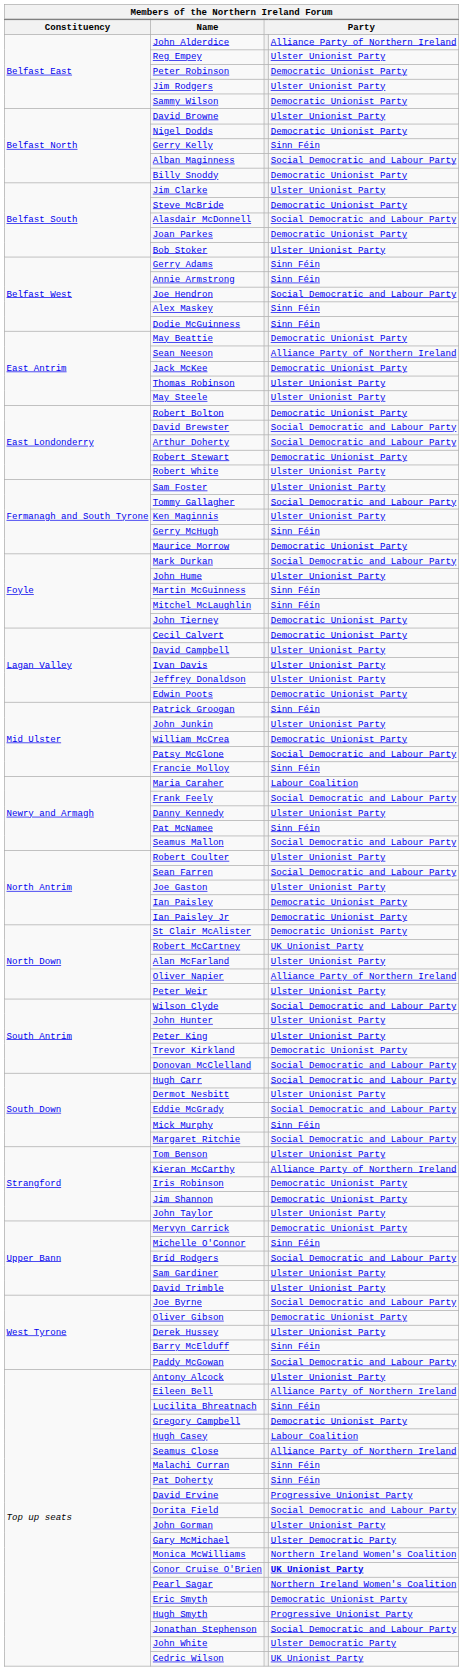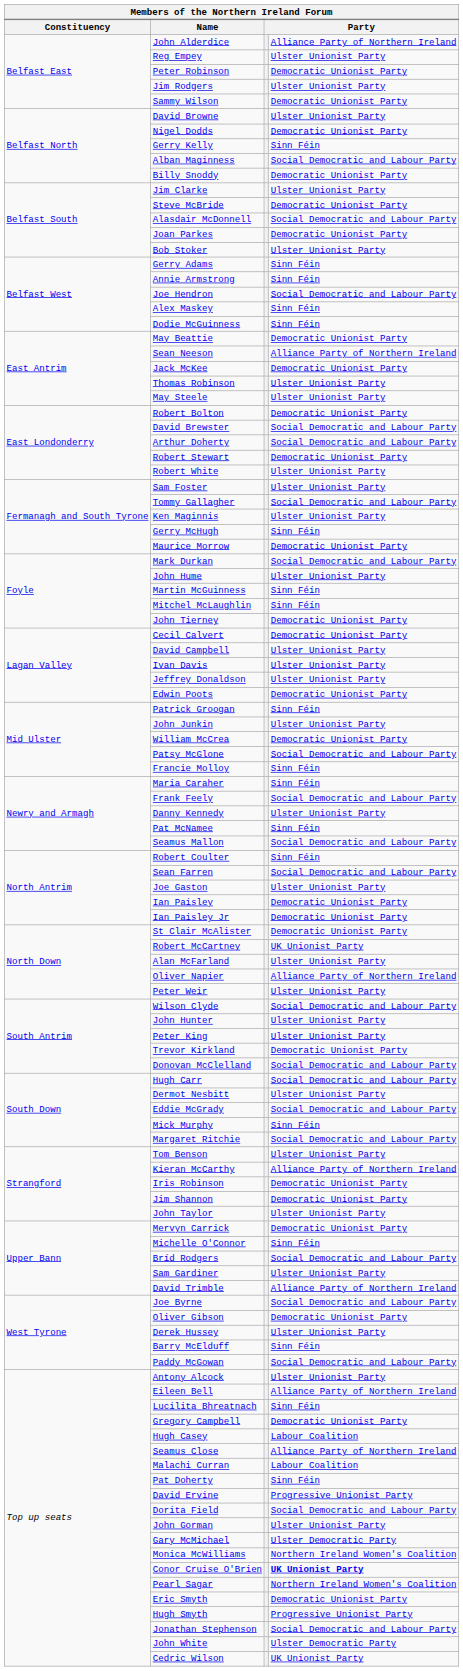 <table class="wikitable">
 <tr style="border-bottom: 2px solid gray;">
 <th colspan=4>Members of the Northern Ireland Forum</th>
 </tr>
 <tr>
 <th align=center>Constituency</th>
 <th align=center>Name</th>
 <th style="text-align:center;" colspan="2">Party</th>
 </tr>
 <tr>
 <td rowspan="5"><a href='#'>Belfast East</a></td>
 <td><a href='#'>John Alderdice</a></td>
 <th style="background-color: "></th>
 <td><a href='#'>Alliance Party of Northern Ireland</a></td>
 </tr>
 <tr>
 <td><a href='#'>Reg Empey</a></td>
 <th style="background-color: "></th>
 <td><a href='#'>Ulster Unionist Party</a></td>
 </tr>
 <tr>
 <td><a href='#'>Peter Robinson</a></td>
 <th style="background-color: "></th>
 <td><a href='#'>Democratic Unionist Party</a></td>
 </tr>
 <tr>
 <td><a href='#'>Jim Rodgers</a></td>
 <th style="background-color: "></th>
 <td><a href='#'>Ulster Unionist Party</a></td>
 </tr>
 <tr>
 <td><a href='#'>Sammy Wilson</a></td>
 <th style="background-color: "></th>
 <td><a href='#'>Democratic Unionist Party</a></td>
 </tr>
 <tr>
 <td rowspan="5"><a href='#'>Belfast North</a></td>
 <td><a href='#'>David Browne</a></td>
 <th style="background-color: "></th>
 <td><a href='#'>Ulster Unionist Party</a></td>
 </tr>
 <tr>
 <td><a href='#'>Nigel Dodds</a></td>
 <th style="background-color: "></th>
 <td><a href='#'>Democratic Unionist Party</a></td>
 </tr>
 <tr>
 <td><a href='#'>Gerry Kelly</a></td>
 <th style="background-color: "></th>
 <td><a href='#'>Sinn Féin</a></td>
 </tr>
 <tr>
 <td><a href='#'>Alban Maginness</a></td>
 <th style="background-color: "></th>
 <td><a href='#'>Social Democratic and Labour Party</a></td>
 </tr>
 <tr>
 <td><a href='#'>Billy Snoddy</a></td>
 <th style="background-color: "></th>
 <td><a href='#'>Democratic Unionist Party</a></td>
 </tr>
 <tr>
 <td rowspan="5"><a href='#'>Belfast South</a></td>
 <td><a href='#'>Jim Clarke</a></td>
 <th style="background-color: "></th>
 <td><a href='#'>Ulster Unionist Party</a></td>
 </tr>
 <tr>
 <td><a href='#'>Steve McBride</a></td>
 <th style="background-color: "></th>
 <td><a href='#'>Democratic Unionist Party</a></td>
 </tr>
 <tr>
 <td><a href='#'>Alasdair McDonnell</a></td>
 <th style="background-color: "></th>
 <td><a href='#'>Social Democratic and Labour Party</a></td>
 </tr>
 <tr>
 <td><a href='#'>Joan Parkes</a></td>
 <th style="background-color: "></th>
 <td><a href='#'>Democratic Unionist Party</a></td>
 </tr>
 <tr>
 <td><a href='#'>Bob Stoker</a></td>
 <th style="background-color: "></th>
 <td><a href='#'>Ulster Unionist Party</a></td>
 </tr>
 <tr>
 <td rowspan="5"><a href='#'>Belfast West</a></td>
 <td><a href='#'>Gerry Adams</a></td>
 <th style="background-color: "></th>
 <td><a href='#'>Sinn Féin</a></td>
 </tr>
 <tr>
 <td><a href='#'>Annie Armstrong</a></td>
 <th style="background-color: "></th>
 <td><a href='#'>Sinn Féin</a></td>
 </tr>
 <tr>
 <td><a href='#'>Joe Hendron</a></td>
 <th style="background-color: "></th>
 <td><a href='#'>Social Democratic and Labour Party</a></td>
 </tr>
 <tr>
 <td><a href='#'>Alex Maskey</a></td>
 <th style="background-color: "></th>
 <td><a href='#'>Sinn Féin</a></td>
 </tr>
 <tr>
 <td><a href='#'>Dodie McGuinness</a></td>
 <th style="background-color: "></th>
 <td><a href='#'>Sinn Féin</a></td>
 </tr>
 <tr>
 <td rowspan="5"><a href='#'>East Antrim</a></td>
 <td><a href='#'>May Beattie</a></td>
 <th style="background-color: "></th>
 <td><a href='#'>Democratic Unionist Party</a></td>
 </tr>
 <tr>
 <td><a href='#'>Sean Neeson</a></td>
 <th style="background-color: "></th>
 <td><a href='#'>Alliance Party of Northern Ireland</a></td>
 </tr>
 <tr>
 <td><a href='#'>Jack McKee</a></td>
 <th style="background-color: "></th>
 <td><a href='#'>Democratic Unionist Party</a></td>
 </tr>
 <tr>
 <td><a href='#'>Thomas Robinson</a></td>
 <th style="background-color: "></th>
 <td><a href='#'>Ulster Unionist Party</a></td>
 </tr>
 <tr>
 <td><a href='#'>May Steele</a></td>
 <th style="background-color: "></th>
 <td><a href='#'>Ulster Unionist Party</a></td>
 </tr>
 <tr>
 <td rowspan="5"><a href='#'>East Londonderry</a></td>
 <td><a href='#'>Robert Bolton</a></td>
 <th style="background-color: "></th>
 <td><a href='#'>Democratic Unionist Party</a></td>
 </tr>
 <tr>
 <td><a href='#'>David Brewster</a></td>
 <th style="background-color: "></th>
 <td><a href='#'>Social Democratic and Labour Party</a></td>
 </tr>
 <tr>
 <td><a href='#'>Arthur Doherty</a></td>
 <th style="background-color: "></th>
 <td><a href='#'>Social Democratic and Labour Party</a></td>
 </tr>
 <tr>
 <td><a href='#'>Robert Stewart</a></td>
 <th style="background-color: "></th>
 <td><a href='#'>Democratic Unionist Party</a></td>
 </tr>
 <tr>
 <td><a href='#'>Robert White</a></td>
 <th style="background-color: "></th>
 <td><a href='#'>Ulster Unionist Party</a></td>
 </tr>
 <tr>
 <td rowspan="5"><a href='#'>Fermanagh and South Tyrone</a></td>
 <td><a href='#'>Sam Foster</a></td>
 <th style="background-color: "></th>
 <td><a href='#'>Ulster Unionist Party</a></td>
 </tr>
 <tr>
 <td><a href='#'>Tommy Gallagher</a></td>
 <th style="background-color: "></th>
 <td><a href='#'>Social Democratic and Labour Party</a></td>
 </tr>
 <tr>
 <td><a href='#'>Ken Maginnis</a></td>
 <th style="background-color: "></th>
 <td><a href='#'>Ulster Unionist Party</a></td>
 </tr>
 <tr>
 <td><a href='#'>Gerry McHugh</a></td>
 <th style="background-color: "></th>
 <td><a href='#'>Sinn Féin</a></td>
 </tr>
 <tr>
 <td><a href='#'>Maurice Morrow</a></td>
 <th style="background-color: "></th>
 <td><a href='#'>Democratic Unionist Party</a></td>
 </tr>
 <tr>
 <td rowspan="5"><a href='#'>Foyle</a></td>
 <td><a href='#'>Mark Durkan</a></td>
 <th style="background-color: "></th>
 <td><a href='#'>Social Democratic and Labour Party</a></td>
 </tr>
 <tr>
 <td><a href='#'>John Hume</a></td>
 <th style="background-color: "></th>
 <td><a href='#'>Ulster Unionist Party</a></td>
 </tr>
 <tr>
 <td><a href='#'>Martin McGuinness</a></td>
 <th style="background-color: "></th>
 <td><a href='#'>Sinn Féín</a></td>
 </tr>
 <tr>
 <td><a href='#'>Mitchel McLaughlin</a></td>
 <th style="background-color: "></th>
 <td><a href='#'>Sinn Féín</a></td>
 </tr>
 <tr>
 <td><a href='#'>John Tierney</a></td>
 <th style="background-color: "></th>
 <td><a href='#'>Democratic Unionist Party</a></td>
 </tr>
 <tr>
 <td rowspan="5"><a href='#'>Lagan Valley</a></td>
 <td><a href='#'>Cecil Calvert</a></td>
 <th style="background-color: "></th>
 <td><a href='#'>Democratic Unionist Party</a></td>
 </tr>
 <tr>
 <td><a href='#'>David Campbell</a></td>
 <th style="background-color: "></th>
 <td><a href='#'>Ulster Unionist Party</a></td>
 </tr>
 <tr>
 <td><a href='#'>Ivan Davis</a></td>
 <th style="background-color: "></th>
 <td><a href='#'>Ulster Unionist Party</a></td>
 </tr>
 <tr>
 <td><a href='#'>Jeffrey Donaldson</a></td>
 <th style="background-color: "></th>
 <td><a href='#'>Ulster Unionist Party</a></td>
 </tr>
 <tr>
 <td><a href='#'>Edwin Poots</a></td>
 <th style="background-color: "></th>
 <td><a href='#'>Democratic Unionist Party</a></td>
 </tr>
 <tr>
 <td rowspan="5"><a href='#'>Mid Ulster</a></td>
 <td><a href='#'>Patrick Groogan</a></td>
 <th style="background-color: "></th>
 <td><a href='#'>Sinn Féin</a></td>
 </tr>
 <tr>
 <td><a href='#'>John Junkin</a></td>
 <th style="background-color: "></th>
 <td><a href='#'>Ulster Unionist Party</a></td>
 </tr>
 <tr>
 <td><a href='#'>William McCrea</a></td>
 <th style="background-color: "></th>
 <td><a href='#'>Democratic Unionist Party</a></td>
 </tr>
 <tr>
 <td><a href='#'>Patsy McGlone</a></td>
 <th style="background-color: "></th>
 <td><a href='#'>Social Democratic and Labour Party</a></td>
 </tr>
 <tr>
 <td><a href='#'>Francie Molloy</a></td>
 <th style="background-color: "></th>
 <td><a href='#'>Sinn Féin</a></td>
 </tr>
 <tr>
 <td rowspan="5"><a href='#'>Newry and Armagh</a></td>
 <td><a href='#'>Maria Caraher</a></td>
 <th style="background-color: "></th>
-<td><a href='#'>Labour Coalition</a></td>
+<td><a href='#'>Sinn Féin</a></td>
 </tr>
 <tr>
 <td><a href='#'>Frank Feely</a></td>
 <th style="background-color: "></th>
 <td><a href='#'>Social Democratic and Labour Party</a></td>
 </tr>
 <tr>
 <td><a href='#'>Danny Kennedy</a></td>
 <th style="background-color: "></th>
 <td><a href='#'>Ulster Unionist Party</a></td>
 </tr>
 <tr>
 <td><a href='#'>Pat McNamee</a></td>
 <th style="background-color: "></th>
 <td><a href='#'>Sinn Féin</a></td>
 </tr>
 <tr>
 <td><a href='#'>Seamus Mallon</a></td>
 <th style="background-color: "></th>
 <td><a href='#'>Social Democratic and Labour Party</a></td>
 </tr>
 <tr>
 <td rowspan="5"><a href='#'>North Antrim</a></td>
 <td><a href='#'>Robert Coulter</a></td>
 <th style="background-color: "></th>
-<td><a href='#'>Ulster Unionist Party</a></td>
+<td><a href='#'>Sinn Féin</a></td>
 </tr>
 <tr>
 <td><a href='#'>Sean Farren</a></td>
 <th style="background-color: "></th>
 <td><a href='#'>Social Democratic and Labour Party</a></td>
 </tr>
 <tr>
 <td><a href='#'>Joe Gaston</a></td>
 <th style="background-color: "></th>
 <td><a href='#'>Ulster Unionist Party</a></td>
 </tr>
 <tr>
 <td><a href='#'>Ian Paisley</a></td>
 <th style="background-color: "></th>
 <td><a href='#'>Democratic Unionist Party</a></td>
 </tr>
 <tr>
 <td><a href='#'>Ian Paisley Jr</a></td>
 <th style="background-color: "></th>
 <td><a href='#'>Democratic Unionist Party</a></td>
 </tr>
 <tr>
 <td rowspan="5"><a href='#'>North Down</a></td>
 <td><a href='#'>St Clair McAlister</a></td>
 <th style="background-color: "></th>
 <td><a href='#'>Democratic Unionist Party</a></td>
 </tr>
 <tr>
 <td><a href='#'>Robert McCartney</a></td>
 <th style="background-color: "></th>
 <td><a href='#'>UK Unionist Party</a></td>
 </tr>
 <tr>
 <td><a href='#'>Alan McFarland</a></td>
 <th style="background-color: "></th>
 <td><a href='#'>Ulster Unionist Party</a></td>
 </tr>
 <tr>
 <td><a href='#'>Oliver Napier</a></td>
 <th style="background-color: "></th>
 <td><a href='#'>Alliance Party of Northern Ireland</a></td>
 </tr>
 <tr>
 <td><a href='#'>Peter Weir</a></td>
 <th style="background-color: "></th>
 <td><a href='#'>Ulster Unionist Party</a></td>
 </tr>
 <tr>
 <td rowspan="5"><a href='#'>South Antrim</a></td>
 <td><a href='#'>Wilson Clyde</a></td>
 <th style="background-color: "></th>
 <td><a href='#'>Social Democratic and Labour Party</a></td>
 </tr>
 <tr>
 <td><a href='#'>John Hunter</a></td>
 <th style="background-color: "></th>
 <td><a href='#'>Ulster Unionist Party</a></td>
 </tr>
 <tr>
 <td><a href='#'>Peter King</a></td>
 <th style="background-color: "></th>
 <td><a href='#'>Ulster Unionist Party</a></td>
 </tr>
 <tr>
 <td><a href='#'>Trevor Kirkland</a></td>
 <th style="background-color: "></th>
 <td><a href='#'>Democratic Unionist Party</a></td>
 </tr>
 <tr>
 <td><a href='#'>Donovan McClelland</a></td>
 <th style="background-color: "></th>
 <td><a href='#'>Social Democratic and Labour Party</a></td>
 </tr>
 <tr>
 <td rowspan="5"><a href='#'>South Down</a></td>
 <td><a href='#'>Hugh Carr</a></td>
 <th style="background-color: "></th>
 <td><a href='#'>Social Democratic and Labour Party</a></td>
 </tr>
 <tr>
 <td><a href='#'>Dermot Nesbitt</a></td>
 <th style="background-color: "></th>
 <td><a href='#'>Ulster Unionist Party</a></td>
 </tr>
 <tr>
 <td><a href='#'>Eddie McGrady</a></td>
 <th style="background-color: "></th>
 <td><a href='#'>Social Democratic and Labour Party</a></td>
 </tr>
 <tr>
 <td><a href='#'>Mick Murphy</a></td>
 <th style="background-color: "></th>
 <td><a href='#'>Sinn Féin</a></td>
 </tr>
 <tr>
 <td><a href='#'>Margaret Ritchie</a></td>
 <th style="background-color: "></th>
 <td><a href='#'>Social Democratic and Labour Party</a></td>
 </tr>
 <tr>
 <td rowspan="5"><a href='#'>Strangford</a></td>
 <td><a href='#'>Tom Benson</a></td>
 <th style="background-color: "></th>
 <td><a href='#'>Ulster Unionist Party</a></td>
 </tr>
 <tr>
 <td><a href='#'>Kieran McCarthy</a></td>
 <th style="background-color: "></th>
 <td><a href='#'>Alliance Party of Northern Ireland</a></td>
 </tr>
 <tr>
 <td><a href='#'>Iris Robinson</a></td>
 <th style="background-color: "></th>
 <td><a href='#'>Democratic Unionist Party</a></td>
 </tr>
 <tr>
 <td><a href='#'>Jim Shannon</a></td>
 <th style="background-color: "></th>
 <td><a href='#'>Democratic Unionist Party</a></td>
 </tr>
 <tr>
 <td><a href='#'>John Taylor</a></td>
 <th style="background-color: "></th>
 <td><a href='#'>Ulster Unionist Party</a></td>
 </tr>
 <tr>
 <td rowspan="5"><a href='#'>Upper Bann</a></td>
 <td><a href='#'>Mervyn Carrick</a></td>
 <th style="background-color: "></th>
 <td><a href='#'>Democratic Unionist Party</a></td>
 </tr>
 <tr>
 <td><a href='#'>Michelle O'Connor</a></td>
 <th style="background-color: "></th>
 <td><a href='#'>Sinn Féin</a></td>
 </tr>
 <tr>
 <td><a href='#'>Bríd Rodgers</a></td>
 <th style="background-color: "></th>
 <td><a href='#'>Social Democratic and Labour Party</a></td>
 </tr>
 <tr>
 <td><a href='#'>Sam Gardiner</a></td>
 <th style="background-color: "></th>
 <td><a href='#'>Ulster Unionist Party</a></td>
 </tr>
 <tr>
 <td><a href='#'>David Trimble</a></td>
 <th style="background-color: "></th>
-<td><a href='#'>Ulster Unionist Party</a></td>
+<td><a href='#'>Alliance Party of Northern Ireland</a></td>
 </tr>
 <tr>
 <td rowspan="5"><a href='#'>West Tyrone</a></td>
 <td><a href='#'>Joe Byrne</a></td>
 <th style="background-color: "></th>
 <td><a href='#'>Social Democratic and Labour Party</a></td>
 </tr>
 <tr>
 <td><a href='#'>Oliver Gibson</a></td>
 <th style="background-color: "></th>
 <td><a href='#'>Democratic Unionist Party</a></td>
 </tr>
 <tr>
 <td><a href='#'>Derek Hussey</a></td>
 <th style="background-color: "></th>
 <td><a href='#'>Ulster Unionist Party</a></td>
 </tr>
 <tr>
 <td><a href='#'>Barry McElduff</a></td>
 <th style="background-color: "></th>
 <td><a href='#'>Sinn Féin</a></td>
 </tr>
 <tr>
 <td><a href='#'>Paddy McGowan</a></td>
 <th style="background-color: "></th>
 <td><a href='#'>Social Democratic and Labour Party</a></td>
 </tr>
 <tr>
 <td rowspan="20"><em>Top up seats</em></td>
 <td><a href='#'>Antony Alcock</a></td>
 <th style="background-color: "></th>
 <td><a href='#'>Ulster Unionist Party</a></td>
 </tr>
 <tr>
 <td><a href='#'>Eileen Bell</a></td>
 <th style="background-color: "></th>
 <td><a href='#'>Alliance Party of Northern Ireland</a></td>
 </tr>
 <tr>
 <td><a href='#'>Lucilita Bhreatnach</a></td>
 <th style="background-color: "></th>
 <td><a href='#'>Sinn Féin</a></td>
 </tr>
 <tr>
 <td><a href='#'>Gregory Campbell</a></td>
 <th style="background-color: "></th>
 <td><a href='#'>Democratic Unionist Party</a></td>
 </tr>
 <tr>
 <td><a href='#'>Hugh Casey</a></td>
 <th style="background-color: "></th>
 <td><a href='#'>Labour Coalition</a></td>
 </tr>
 <tr>
 <td><a href='#'>Seamus Close</a></td>
 <th style="background-color: "></th>
 <td><a href='#'>Alliance Party of Northern Ireland</a></td>
 </tr>
 <tr>
 <td><a href='#'>Malachi Curran</a></td>
 <th style="background-color: "></th>
-<td><a href='#'>Sinn Féin</a></td>
+<td><a href='#'>Labour Coalition</a></td>
 </tr>
 <tr>
 <td><a href='#'>Pat Doherty</a></td>
 <th style="background-color: "></th>
 <td><a href='#'>Sinn Féin</a></td>
 </tr>
 <tr>
 <td><a href='#'>David Ervine</a></td>
 <th style="background-color: "></th>
 <td><a href='#'>Progressive Unionist Party</a></td>
 </tr>
 <tr>
 <td><a href='#'>Dorita Field</a></td>
 <th style="background-color: "></th>
 <td><a href='#'>Social Democratic and Labour Party</a></td>
 </tr>
 <tr>
 <td><a href='#'>John Gorman</a></td>
 <th style="background-color: "></th>
 <td><a href='#'>Ulster Unionist Party</a></td>
 </tr>
 <tr>
 <td><a href='#'>Gary McMichael</a></td>
 <th style="background-color: "></th>
 <td><a href='#'>Ulster Democratic Party</a></td>
 </tr>
 <tr>
 <td><a href='#'>Monica McWilliams</a></td>
 <th style="background-color: "></th>
 <td><a href='#'>Northern Ireland Women's Coalition</a></td>
 </tr>
 <tr>
 <td><a href='#'>Conor Cruise O'Brien</a></td>
 <th style="background-color: "></th>
 <td><strong><a href='#'>UK Unionist Party</a></strong></td>
 </tr>
 <tr>
 <td><a href='#'>Pearl Sagar</a></td>
 <th style="background-color: "></th>
 <td><a href='#'>Northern Ireland Women's Coalition</a></td>
 </tr>
 <tr>
 <td><a href='#'>Eric Smyth</a></td>
 <th style="background-color: "></th>
 <td><a href='#'>Democratic Unionist Party</a></td>
 </tr>
 <tr>
 <td><a href='#'>Hugh Smyth</a></td>
 <th style="background-color: "></th>
 <td><a href='#'>Progressive Unionist Party</a></td>
 </tr>
 <tr>
 <td><a href='#'>Jonathan Stephenson</a></td>
 <th style="background-color: "></th>
 <td><a href='#'>Social Democratic and Labour Party</a></td>
 </tr>
 <tr>
 <td><a href='#'>John White</a></td>
 <th style="background-color: "></th>
 <td><a href='#'>Ulster Democratic Party</a></td>
 </tr>
 <tr>
 <td><a href='#'>Cedric Wilson</a></td>
 <th style="background-color: "></th>
 <td><a href='#'>UK Unionist Party</a></td>
 </tr>
 </table>
